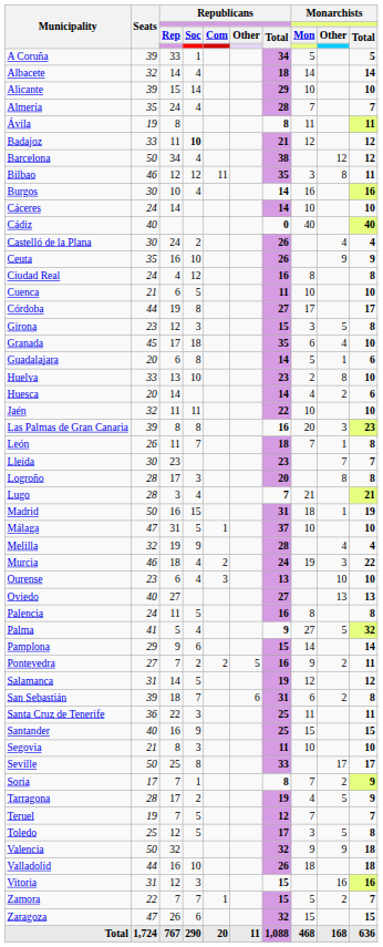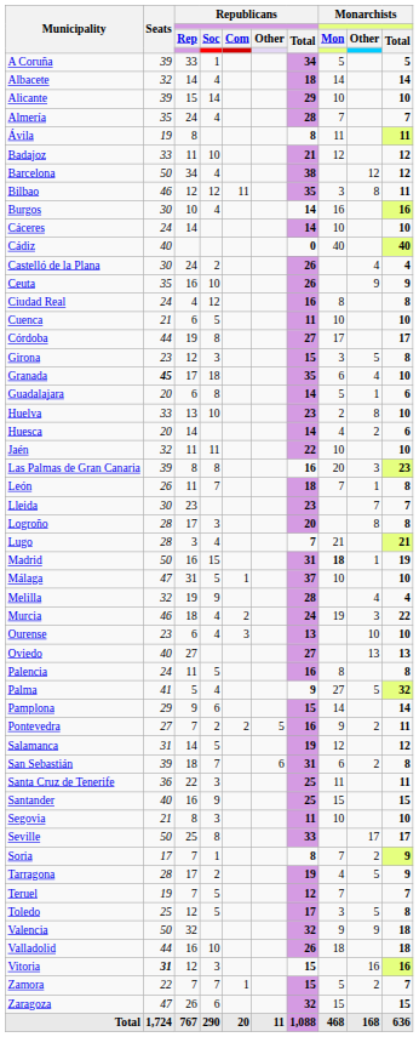 <table class="wikitable mw-collapsible mw-collapsed">
 <tr>
 <th rowspan=4>Municipality</th>
 <th rowspan=4>Seats</th>
 <th colspan=5>Republicans</th>
 <th colspan=3>Monarchists</th>
 </tr>
 <tr>
 <th colspan=5 style="background-color:#d59be3"></th>
 <th colspan=3 style="background-color:#e5ff7f"></th>
 </tr>
 <tr>
 <th style="text-align: center;"><a href='#'>Rep</a></th>
 <th style="text-align: center;"><a href='#'>Soc</a></th>
 <th style="text-align: center;"><a href='#'>Com</a></th>
 <th style="text-align: center;">Other</th>
 <th style="text-align: center;" rowspan=2>Total</th>
 <th style="text-align: center;"><a href='#'>Mon</a></th>
 <th style="text-align: center;">Other</th>
 <th style="text-align: center;" rowspan=2>Total</th>
 </tr>
 <tr>
 <th style="background-color:#d59be3"></th>
 <th style="background-color:#ff0000"></th>
 <th style="background-color:#d40000"></th>
 <th style="background-color:#e3d7f4"></th>
 <th style="background-color:#e5ff7f"></th>
 <th style="background-color:#00ccff"></th>
 </tr>
 <tr>
 <td><a href='#'>A Coruña</a></td>
 <td style="text-align: right; font-style: italic;">39</td>
 <td style="text-align: right;">33</td>
 <td style="text-align: right;">1</td>
 <td style="text-align: right;"></td>
 <td style="text-align: right;"></td>
 <td style="background-color:#d59be3;text-align: right; font-weight: bold;">34</td>
 <td style="text-align: right;">5</td>
 <td style="text-align: right;"></td>
 <td style="text-align: right; font-weight: bold;">5</td>
 </tr>
 <tr>
 <td><a href='#'>Albacete</a></td>
 <td style="text-align: right; font-style: italic;">32</td>
 <td style="text-align: right;">14</td>
 <td style="text-align: right;">4</td>
 <td style="text-align: right;"></td>
 <td style="text-align: right;"></td>
 <td style="background-color:#d59be3;text-align: right; font-weight: bold;">18</td>
 <td style="text-align: right;">14</td>
 <td style="text-align: right;"></td>
 <td style="text-align: right; font-weight: bold;">14</td>
 </tr>
 <tr>
 <td><a href='#'>Alicante</a></td>
 <td style="text-align: right; font-style: italic;">39</td>
 <td style="text-align: right;">15</td>
 <td style="text-align: right;">14</td>
 <td style="text-align: right;"></td>
 <td style="text-align: right;"></td>
 <td style="background-color:#d59be3;text-align: right; font-weight: bold;">29</td>
 <td style="text-align: right;">10</td>
 <td style="text-align: right;"></td>
 <td style="text-align: right; font-weight: bold;">10</td>
 </tr>
 <tr>
 <td><a href='#'>Almería</a></td>
 <td style="text-align: right; font-style: italic;">35</td>
 <td style="text-align: right;">24</td>
 <td style="text-align: right;">4</td>
 <td style="text-align: right;"></td>
 <td style="text-align: right;"></td>
 <td style="background-color:#d59be3;text-align: right; font-weight: bold;">28</td>
 <td style="text-align: right;">7</td>
 <td style="text-align: right;"></td>
 <td style="text-align: right; font-weight: bold;">7</td>
 </tr>
 <tr>
 <td><a href='#'>Ávila</a></td>
 <td style="text-align: right; font-style: italic;">19</td>
 <td style="text-align: right;">8</td>
 <td style="text-align: right;"></td>
 <td style="text-align: right;"></td>
 <td style="text-align: right;"></td>
 <td style="text-align: right; font-weight: bold;">8</td>
 <td style="text-align: right;">11</td>
 <td style="text-align: right;"></td>
 <td style="background-color:#e5ff7f;text-align: right; font-weight: bold;">11</td>
 </tr>
 <tr>
 <td><a href='#'>Badajoz</a></td>
 <td style="text-align: right; font-style: italic;">33</td>
 <td style="text-align: right;">11</td>
-<td style="text-align: right;"><strong>10</strong></td>
+<td style="text-align: right;">10</td>
 <td style="text-align: right;"></td>
 <td style="text-align: right;"></td>
 <td style="background-color:#d59be3;text-align: right; font-weight: bold;">21</td>
 <td style="text-align: right;">12</td>
 <td style="text-align: right;"></td>
 <td style="text-align: right; font-weight: bold;">12</td>
 </tr>
 <tr>
 <td><a href='#'>Barcelona</a></td>
 <td style="text-align: right; font-style: italic;">50</td>
 <td style="text-align: right;">34</td>
 <td style="text-align: right;">4</td>
 <td style="text-align: right;"></td>
 <td style="text-align: right;"></td>
 <td style="background-color:#d59be3;text-align: right; font-weight: bold;">38</td>
 <td style="text-align: right;"></td>
 <td style="text-align: right;">12</td>
 <td style="text-align: right; font-weight: bold;">12</td>
 </tr>
 <tr>
 <td><a href='#'>Bilbao</a></td>
 <td style="text-align: right; font-style: italic;">46</td>
 <td style="text-align: right;">12</td>
 <td style="text-align: right;">12</td>
 <td style="text-align: right;">11</td>
 <td style="text-align: right;"></td>
 <td style="background-color:#d59be3;text-align: right; font-weight: bold;">35</td>
 <td style="text-align: right;">3</td>
 <td style="text-align: right;">8</td>
 <td style="text-align: right; font-weight: bold;">11</td>
 </tr>
 <tr>
 <td><a href='#'>Burgos</a></td>
 <td style="text-align: right; font-style: italic;">30</td>
 <td style="text-align: right;">10</td>
 <td style="text-align: right;">4</td>
 <td style="text-align: right;"></td>
 <td style="text-align: right;"></td>
 <td style="text-align: right; font-weight: bold;">14</td>
 <td style="text-align: right;">16</td>
 <td style="text-align: right;"></td>
 <td style="background-color:#e5ff7f;text-align: right; font-weight: bold;">16</td>
 </tr>
 <tr>
 <td><a href='#'>Cáceres</a></td>
 <td style="text-align: right; font-style: italic;">24</td>
 <td style="text-align: right;">14</td>
 <td style="text-align: right;"></td>
 <td style="text-align: right;"></td>
 <td style="text-align: right;"></td>
 <td style="background-color:#d59be3;text-align: right; font-weight: bold;">14</td>
 <td style="text-align: right;">10</td>
 <td style="text-align: right;"></td>
 <td style="text-align: right; font-weight: bold;">10</td>
 </tr>
 <tr>
 <td><a href='#'>Cádiz</a></td>
 <td style="text-align: right; font-style: italic;">40</td>
 <td style="text-align: right;"></td>
 <td style="text-align: right;"></td>
 <td style="text-align: right;"></td>
 <td style="text-align: right;"></td>
 <td style="text-align: right; font-weight: bold;">0</td>
 <td style="text-align: right;">40</td>
 <td style="text-align: right;"></td>
 <td style="background-color:#e5ff7f;text-align: right; font-weight: bold;">40</td>
 </tr>
 <tr>
 <td><a href='#'>Castelló de la Plana</a></td>
 <td style="text-align: right; font-style: italic;">30</td>
 <td style="text-align: right;">24</td>
 <td style="text-align: right;">2</td>
 <td style="text-align: right;"></td>
 <td style="text-align: right;"></td>
 <td style="background-color:#d59be3;text-align: right; font-weight: bold;">26</td>
 <td style="text-align: right;"></td>
 <td style="text-align: right;">4</td>
 <td style="text-align: right; font-weight: bold;">4</td>
 </tr>
 <tr>
 <td><a href='#'>Ceuta</a></td>
 <td style="text-align: right; font-style: italic;">35</td>
 <td style="text-align: right;">16</td>
 <td style="text-align: right;">10</td>
 <td style="text-align: right;"></td>
 <td style="text-align: right;"></td>
 <td style="background-color:#d59be3;text-align: right; font-weight: bold;">26</td>
 <td style="text-align: right;"></td>
 <td style="text-align: right;">9</td>
 <td style="text-align: right; font-weight: bold;">9</td>
 </tr>
 <tr>
 <td><a href='#'>Ciudad Real</a></td>
 <td style="text-align: right; font-style: italic;">24</td>
 <td style="text-align: right;">4</td>
 <td style="text-align: right;">12</td>
 <td style="text-align: right;"></td>
 <td style="text-align: right;"></td>
 <td style="background-color:#d59be3;text-align: right; font-weight: bold;">16</td>
 <td style="text-align: right;">8</td>
 <td style="text-align: right;"></td>
 <td style="text-align: right; font-weight: bold;">8</td>
 </tr>
 <tr>
 <td><a href='#'>Cuenca</a></td>
 <td style="text-align: right; font-style: italic;">21</td>
 <td style="text-align: right;">6</td>
 <td style="text-align: right;">5</td>
 <td style="text-align: right;"></td>
 <td style="text-align: right;"></td>
 <td style="background-color:#d59be3;text-align: right; font-weight: bold;">11</td>
 <td style="text-align: right;">10</td>
 <td style="text-align: right;"></td>
 <td style="text-align: right; font-weight: bold;">10</td>
 </tr>
 <tr>
 <td><a href='#'>Córdoba</a></td>
 <td style="text-align: right; font-style: italic;">44</td>
 <td style="text-align: right;">19</td>
 <td style="text-align: right;">8</td>
 <td style="text-align: right;"></td>
 <td style="text-align: right;"></td>
 <td style="background-color:#d59be3;text-align: right; font-weight: bold;">27</td>
 <td style="text-align: right;">17</td>
 <td style="text-align: right;"></td>
 <td style="text-align: right; font-weight: bold;">17</td>
 </tr>
 <tr>
 <td><a href='#'>Girona</a></td>
 <td style="text-align: right; font-style: italic;">23</td>
 <td style="text-align: right;">12</td>
 <td style="text-align: right;">3</td>
 <td style="text-align: right;"></td>
 <td style="text-align: right;"></td>
 <td style="background-color:#d59be3;text-align: right; font-weight: bold;">15</td>
 <td style="text-align: right;">3</td>
 <td style="text-align: right;">5</td>
 <td style="text-align: right; font-weight: bold;">8</td>
 </tr>
 <tr>
 <td><a href='#'>Granada</a></td>
-<td style="text-align: right; font-style: italic;">45</td>
+<td style="text-align: right; font-style: italic;"><strong>45</strong></td>
 <td style="text-align: right;">17</td>
 <td style="text-align: right;">18</td>
 <td style="text-align: right;"></td>
 <td style="text-align: right;"></td>
 <td style="background-color:#d59be3;text-align: right; font-weight: bold;">35</td>
 <td style="text-align: right;">6</td>
 <td style="text-align: right;">4</td>
 <td style="text-align: right; font-weight: bold;">10</td>
 </tr>
 <tr>
 <td><a href='#'>Guadalajara</a></td>
 <td style="text-align: right; font-style: italic;">20</td>
 <td style="text-align: right;">6</td>
 <td style="text-align: right;">8</td>
 <td style="text-align: right;"></td>
 <td style="text-align: right;"></td>
 <td style="background-color:#d59be3;text-align: right; font-weight: bold;">14</td>
 <td style="text-align: right;">5</td>
 <td style="text-align: right;">1</td>
 <td style="text-align: right; font-weight: bold;">6</td>
 </tr>
 <tr>
 <td><a href='#'>Huelva</a></td>
 <td style="text-align: right; font-style: italic;">33</td>
 <td style="text-align: right;">13</td>
 <td style="text-align: right;">10</td>
 <td style="text-align: right;"></td>
 <td style="text-align: right;"></td>
 <td style="background-color:#d59be3;text-align: right; font-weight: bold;">23</td>
 <td style="text-align: right;">2</td>
 <td style="text-align: right;">8</td>
 <td style="text-align: right; font-weight: bold;">10</td>
 </tr>
 <tr>
 <td><a href='#'>Huesca</a></td>
 <td style="text-align: right; font-style: italic;">20</td>
 <td style="text-align: right;">14</td>
 <td style="text-align: right;"></td>
 <td style="text-align: right;"></td>
 <td style="text-align: right;"></td>
 <td style="background-color:#d59be3;text-align: right; font-weight: bold;">14</td>
 <td style="text-align: right;">4</td>
 <td style="text-align: right;">2</td>
 <td style="text-align: right; font-weight: bold;">6</td>
 </tr>
 <tr>
 <td><a href='#'>Jaén</a></td>
 <td style="text-align: right; font-style: italic;">32</td>
 <td style="text-align: right;">11</td>
 <td style="text-align: right;">11</td>
 <td style="text-align: right;"></td>
 <td style="text-align: right;"></td>
 <td style="background-color:#d59be3;text-align: right; font-weight: bold;">22</td>
 <td style="text-align: right;">10</td>
 <td style="text-align: right;"></td>
 <td style="text-align: right; font-weight: bold;">10</td>
 </tr>
 <tr>
 <td><a href='#'>Las Palmas de Gran Canaria</a></td>
 <td style="text-align: right; font-style: italic;">39</td>
 <td style="text-align: right;">8</td>
 <td style="text-align: right;">8</td>
 <td style="text-align: right;"></td>
 <td style="text-align: right;"></td>
 <td style="text-align: right; font-weight: bold;">16</td>
 <td style="text-align: right;">20</td>
 <td style="text-align: right;">3</td>
 <td style="background-color:#e5ff7f;text-align: right; font-weight: bold;">23</td>
 </tr>
 <tr>
 <td><a href='#'>León</a></td>
 <td style="text-align: right; font-style: italic;">26</td>
 <td style="text-align: right;">11</td>
 <td style="text-align: right;">7</td>
 <td style="text-align: right;"></td>
 <td style="text-align: right;"></td>
 <td style="background-color:#d59be3;text-align: right; font-weight: bold;">18</td>
 <td style="text-align: right;">7</td>
 <td style="text-align: right;">1</td>
 <td style="text-align: right; font-weight: bold;">8</td>
 </tr>
 <tr>
 <td><a href='#'>Lleida</a></td>
 <td style="text-align: right; font-style: italic;">30</td>
 <td style="text-align: right;">23</td>
 <td style="text-align: right;"></td>
 <td style="text-align: right;"></td>
 <td style="text-align: right;"></td>
 <td style="background-color:#d59be3;text-align: right; font-weight: bold;">23</td>
 <td style="text-align: right;"></td>
 <td style="text-align: right;">7</td>
 <td style="text-align: right; font-weight: bold;">7</td>
 </tr>
 <tr>
 <td><a href='#'>Logroño</a></td>
 <td style="text-align: right; font-style: italic;">28</td>
 <td style="text-align: right;">17</td>
 <td style="text-align: right;">3</td>
 <td style="text-align: right;"></td>
 <td style="text-align: right;"></td>
 <td style="background-color:#d59be3;text-align: right; font-weight: bold;">20</td>
 <td style="text-align: right;"></td>
 <td style="text-align: right;">8</td>
 <td style="text-align: right; font-weight: bold;">8</td>
 </tr>
 <tr>
 <td><a href='#'>Lugo</a></td>
 <td style="text-align: right; font-style: italic;">28</td>
 <td style="text-align: right;">3</td>
 <td style="text-align: right;">4</td>
 <td style="text-align: right;"></td>
 <td style="text-align: right;"></td>
 <td style="text-align: right; font-weight: bold;">7</td>
 <td style="text-align: right;">21</td>
 <td style="text-align: right;"></td>
 <td style="background-color:#e5ff7f;text-align: right; font-weight: bold;">21</td>
 </tr>
 <tr>
 <td><a href='#'>Madrid</a></td>
 <td style="text-align: right; font-style: italic;">50</td>
 <td style="text-align: right;">16</td>
 <td style="text-align: right;">15</td>
 <td style="text-align: right;"></td>
 <td style="text-align: right;"></td>
 <td style="background-color:#d59be3;text-align: right; font-weight: bold;">31</td>
-<td style="text-align: right;">18</td>
+<td style="text-align: right;"><strong>18</strong></td>
 <td style="text-align: right;">1</td>
 <td style="text-align: right; font-weight: bold;">19</td>
 </tr>
 <tr>
 <td><a href='#'>Málaga</a></td>
 <td style="text-align: right; font-style: italic;">47</td>
 <td style="text-align: right;">31</td>
 <td style="text-align: right;">5</td>
 <td style="text-align: right;">1</td>
 <td style="text-align: right;"></td>
 <td style="background-color:#d59be3;text-align: right; font-weight: bold;">37</td>
 <td style="text-align: right;">10</td>
 <td style="text-align: right;"></td>
 <td style="text-align: right; font-weight: bold;">10</td>
 </tr>
 <tr>
 <td><a href='#'>Melilla</a></td>
 <td style="text-align: right; font-style: italic;">32</td>
 <td style="text-align: right;">19</td>
 <td style="text-align: right;">9</td>
 <td style="text-align: right;"></td>
 <td style="text-align: right;"></td>
 <td style="background-color:#d59be3;text-align: right; font-weight: bold;">28</td>
 <td style="text-align: right;"></td>
 <td style="text-align: right;">4</td>
 <td style="text-align: right; font-weight: bold;">4</td>
 </tr>
 <tr>
 <td><a href='#'>Murcia</a></td>
 <td style="text-align: right; font-style: italic;">46</td>
 <td style="text-align: right;">18</td>
 <td style="text-align: right;">4</td>
 <td style="text-align: right;">2</td>
 <td style="text-align: right;"></td>
 <td style="background-color:#d59be3;text-align: right; font-weight: bold;">24</td>
 <td style="text-align: right;">19</td>
 <td style="text-align: right;">3</td>
 <td style="text-align: right; font-weight: bold;">22</td>
 </tr>
 <tr>
 <td><a href='#'>Ourense</a></td>
 <td style="text-align: right; font-style: italic;">23</td>
 <td style="text-align: right;">6</td>
 <td style="text-align: right;">4</td>
 <td style="text-align: right;">3</td>
 <td style="text-align: right;"></td>
 <td style="background-color:#d59be3;text-align: right; font-weight: bold;">13</td>
 <td style="text-align: right;"></td>
 <td style="text-align: right;">10</td>
 <td style="text-align: right; font-weight: bold;">10</td>
 </tr>
 <tr>
 <td><a href='#'>Oviedo</a></td>
 <td style="text-align: right; font-style: italic;">40</td>
 <td style="text-align: right;">27</td>
 <td style="text-align: right;"></td>
 <td style="text-align: right;"></td>
 <td style="text-align: right;"></td>
 <td style="background-color:#d59be3;text-align: right; font-weight: bold;">27</td>
 <td style="text-align: right;"></td>
 <td style="text-align: right;">13</td>
 <td style="text-align: right; font-weight: bold;">13</td>
 </tr>
 <tr>
 <td><a href='#'>Palencia</a></td>
 <td style="text-align: right; font-style: italic;">24</td>
 <td style="text-align: right;">11</td>
 <td style="text-align: right;">5</td>
 <td style="text-align: right;"></td>
 <td style="text-align: right;"></td>
 <td style="background-color:#d59be3;text-align: right; font-weight: bold;">16</td>
 <td style="text-align: right;">8</td>
 <td style="text-align: right;"></td>
 <td style="text-align: right; font-weight: bold;">8</td>
 </tr>
 <tr>
 <td><a href='#'>Palma</a></td>
 <td style="text-align: right; font-style: italic;">41</td>
 <td style="text-align: right;">5</td>
 <td style="text-align: right;">4</td>
 <td style="text-align: right;"></td>
 <td style="text-align: right;"></td>
 <td style="text-align: right; font-weight: bold;">9</td>
 <td style="text-align: right;">27</td>
 <td style="text-align: right;">5</td>
 <td style="background-color:#e5ff7f;text-align: right; font-weight: bold;">32</td>
 </tr>
 <tr>
 <td><a href='#'>Pamplona</a></td>
 <td style="text-align: right; font-style: italic;">29</td>
 <td style="text-align: right;">9</td>
 <td style="text-align: right;">6</td>
 <td style="text-align: right;"></td>
 <td style="text-align: right;"></td>
 <td style="background-color:#d59be3;text-align: right; font-weight: bold;">15</td>
 <td style="text-align: right;">14</td>
 <td style="text-align: right;"></td>
 <td style="text-align: right; font-weight: bold;">14</td>
 </tr>
 <tr>
 <td><a href='#'>Pontevedra</a></td>
 <td style="text-align: right; font-style: italic;">27</td>
 <td style="text-align: right;">7</td>
 <td style="text-align: right;">2</td>
 <td style="text-align: right;">2</td>
 <td style="text-align: right;">5</td>
 <td style="background-color:#d59be3;text-align: right; font-weight: bold;">16</td>
 <td style="text-align: right;">9</td>
 <td style="text-align: right;">2</td>
 <td style="text-align: right; font-weight: bold;">11</td>
 </tr>
 <tr>
 <td><a href='#'>Salamanca</a></td>
 <td style="text-align: right; font-style: italic;">31</td>
 <td style="text-align: right;">14</td>
 <td style="text-align: right;">5</td>
 <td style="text-align: right;"></td>
 <td style="text-align: right;"></td>
 <td style="background-color:#d59be3;text-align: right; font-weight: bold;">19</td>
 <td style="text-align: right;">12</td>
 <td style="text-align: right;"></td>
 <td style="text-align: right; font-weight: bold;">12</td>
 </tr>
 <tr>
 <td><a href='#'>San Sebastián</a></td>
 <td style="text-align: right; font-style: italic;">39</td>
 <td style="text-align: right;">18</td>
 <td style="text-align: right;">7</td>
 <td style="text-align: right;"></td>
 <td style="text-align: right;">6</td>
 <td style="background-color:#d59be3;text-align: right; font-weight: bold;">31</td>
 <td style="text-align: right;">6</td>
 <td style="text-align: right;">2</td>
 <td style="text-align: right; font-weight: bold;">8</td>
 </tr>
 <tr>
 <td><a href='#'>Santa Cruz de Tenerife</a></td>
 <td style="text-align: right; font-style: italic;">36</td>
 <td style="text-align: right;">22</td>
 <td style="text-align: right;">3</td>
 <td style="text-align: right;"></td>
 <td style="text-align: right;"></td>
 <td style="background-color:#d59be3;text-align: right; font-weight: bold;">25</td>
 <td style="text-align: right;">11</td>
 <td style="text-align: right;"></td>
 <td style="text-align: right; font-weight: bold;">11</td>
 </tr>
 <tr>
 <td><a href='#'>Santander</a></td>
 <td style="text-align: right; font-style: italic;">40</td>
 <td style="text-align: right;">16</td>
 <td style="text-align: right;">9</td>
 <td style="text-align: right;"></td>
 <td style="text-align: right;"></td>
 <td style="background-color:#d59be3;text-align: right; font-weight: bold;">25</td>
 <td style="text-align: right;">15</td>
 <td style="text-align: right;"></td>
 <td style="text-align: right; font-weight: bold;">15</td>
 </tr>
 <tr>
 <td><a href='#'>Segovia</a></td>
 <td style="text-align: right; font-style: italic;">21</td>
 <td style="text-align: right;">8</td>
 <td style="text-align: right;">3</td>
 <td style="text-align: right;"></td>
 <td style="text-align: right;"></td>
 <td style="background-color:#d59be3;text-align: right; font-weight: bold;">11</td>
 <td style="text-align: right;">10</td>
 <td style="text-align: right;"></td>
 <td style="text-align: right; font-weight: bold;">10</td>
 </tr>
 <tr>
 <td><a href='#'>Seville</a></td>
 <td style="text-align: right; font-style: italic;">50</td>
 <td style="text-align: right;">25</td>
 <td style="text-align: right;">8</td>
 <td style="text-align: right;"></td>
 <td style="text-align: right;"></td>
 <td style="background-color:#d59be3;text-align: right; font-weight: bold;">33</td>
 <td style="text-align: right;"></td>
 <td style="text-align: right;">17</td>
 <td style="text-align: right; font-weight: bold;">17</td>
 </tr>
 <tr>
 <td><a href='#'>Soria</a></td>
 <td style="text-align: right; font-style: italic;">17</td>
 <td style="text-align: right;">7</td>
 <td style="text-align: right;">1</td>
 <td style="text-align: right;"></td>
 <td style="text-align: right;"></td>
 <td style="text-align: right; font-weight: bold;">8</td>
 <td style="text-align: right;">7</td>
 <td style="text-align: right;">2</td>
 <td style="background-color:#e5ff7f;text-align: right; font-weight: bold;">9</td>
 </tr>
 <tr>
 <td><a href='#'>Tarragona</a></td>
 <td style="text-align: right; font-style: italic;">28</td>
 <td style="text-align: right;">17</td>
 <td style="text-align: right;">2</td>
 <td style="text-align: right;"></td>
 <td style="text-align: right;"></td>
 <td style="background-color:#d59be3;text-align: right; font-weight: bold;">19</td>
 <td style="text-align: right;">4</td>
 <td style="text-align: right;">5</td>
 <td style="text-align: right; font-weight: bold;">9</td>
 </tr>
 <tr>
 <td><a href='#'>Teruel</a></td>
 <td style="text-align: right; font-style: italic;">19</td>
 <td style="text-align: right;">7</td>
 <td style="text-align: right;">5</td>
 <td style="text-align: right;"></td>
 <td style="text-align: right;"></td>
 <td style="background-color:#d59be3;text-align: right; font-weight: bold;">12</td>
 <td style="text-align: right;">7</td>
 <td style="text-align: right;"></td>
 <td style="text-align: right; font-weight: bold;">7</td>
 </tr>
 <tr>
 <td><a href='#'>Toledo</a></td>
 <td style="text-align: right; font-style: italic;">25</td>
 <td style="text-align: right;">12</td>
 <td style="text-align: right;">5</td>
 <td style="text-align: right;"></td>
 <td style="text-align: right;"></td>
 <td style="background-color:#d59be3;text-align: right; font-weight: bold;">17</td>
 <td style="text-align: right;">3</td>
 <td style="text-align: right;">5</td>
 <td style="text-align: right; font-weight: bold;">8</td>
 </tr>
 <tr>
 <td><a href='#'>Valencia</a></td>
 <td style="text-align: right; font-style: italic;">50</td>
 <td style="text-align: right;">32</td>
 <td style="text-align: right;"></td>
 <td style="text-align: right;"></td>
 <td style="text-align: right;"></td>
 <td style="background-color:#d59be3;text-align: right; font-weight: bold;">32</td>
 <td style="text-align: right;">9</td>
 <td style="text-align: right;">9</td>
 <td style="text-align: right; font-weight: bold;">18</td>
 </tr>
 <tr>
 <td><a href='#'>Valladolid</a></td>
 <td style="text-align: right; font-style: italic;">44</td>
 <td style="text-align: right;">16</td>
 <td style="text-align: right;">10</td>
 <td style="text-align: right;"></td>
 <td style="text-align: right;"></td>
 <td style="background-color:#d59be3;text-align: right; font-weight: bold;">26</td>
 <td style="text-align: right;">18</td>
 <td style="text-align: right;"></td>
 <td style="text-align: right; font-weight: bold;">18</td>
 </tr>
 <tr>
 <td><a href='#'>Vitoria</a></td>
-<td style="text-align: right; font-style: italic;">31</td>
+<td style="text-align: right; font-style: italic;"><strong>31</strong></td>
 <td style="text-align: right;">12</td>
 <td style="text-align: right;">3</td>
 <td style="text-align: right;"></td>
 <td style="text-align: right;"></td>
 <td style="text-align: right; font-weight: bold;">15</td>
 <td style="text-align: right;"></td>
 <td style="text-align: right;">16</td>
 <td style="background-color:#e5ff7f;text-align: right; font-weight: bold;">16</td>
 </tr>
 <tr>
 <td><a href='#'>Zamora</a></td>
 <td style="text-align: right; font-style: italic;">22</td>
 <td style="text-align: right;">7</td>
 <td style="text-align: right;">7</td>
 <td style="text-align: right;">1</td>
 <td style="text-align: right;"></td>
 <td style="background-color:#d59be3;text-align: right; font-weight: bold;">15</td>
 <td style="text-align: right;">5</td>
 <td style="text-align: right;">2</td>
 <td style="text-align: right; font-weight: bold;">7</td>
 </tr>
 <tr>
 <td><a href='#'>Zaragoza</a></td>
 <td style="text-align: right; font-style: italic;">47</td>
 <td style="text-align: right;">26</td>
 <td style="text-align: right;">6</td>
 <td style="text-align: right;"></td>
 <td style="text-align: right;"></td>
 <td style="background-color:#d59be3;text-align: right; font-weight: bold;">32</td>
 <td style="text-align: right;">15</td>
 <td style="text-align: right;"></td>
 <td style="text-align: right; font-weight: bold;">15</td>
 </tr>
 <tr>
 <th style="background-color:#E9E9E9;text-align: right;">Total</th>
 <th style="background-color:#E9E9E9;text-align: right;">1,724</th>
 <th style="background-color:#E9E9E9;text-align: right;">767</th>
 <th style="background-color:#E9E9E9;text-align: right;">290</th>
 <th style="background-color:#E9E9E9;text-align: right;">20</th>
 <th style="background-color:#E9E9E9;text-align: right;">11</th>
 <th style="background-color:#d59be3;text-align: right; font-weight: bold;">1,088</th>
 <th style="background-color:#E9E9E9;text-align: right;">468</th>
 <th style="background-color:#E9E9E9;text-align: right;">168</th>
 <th style="background-color:#E9E9E9;text-align: right; font-weight: bold;">636</th>
 </tr>
 </table>
